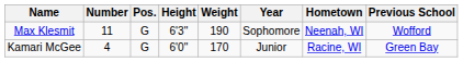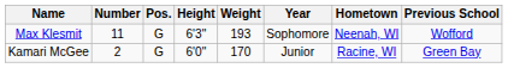 <table class="wikitable sortable" style="text-align: center">
 <tr align=center>
 <th>Name</th>
 <th>Number</th>
 <th>Pos.</th>
 <th>Height</th>
 <th>Weight</th>
 <th>Year</th>
 <th>Hometown</th>
 <th>Previous School</th>
 </tr>
 <tr>
 <td><a href='#'>Max Klesmit</a></td>
 <td>11</td>
 <td>G</td>
 <td>6'3"</td>
-<td>190</td>
+<td>193</td>
 <td>Sophomore</td>
 <td><a href='#'>Neenah, WI</a></td>
 <td><a href='#'>Wofford</a></td>
 </tr>
 <tr>
 <td>Kamari McGee</td>
-<td>4</td>
+<td>2</td>
 <td>G</td>
 <td>6'0"</td>
 <td>170</td>
 <td>Junior</td>
 <td><a href='#'>Racine, WI</a></td>
 <td><a href='#'>Green Bay</a></td>
 </tr>
 </table>
